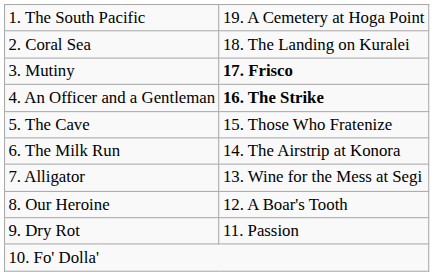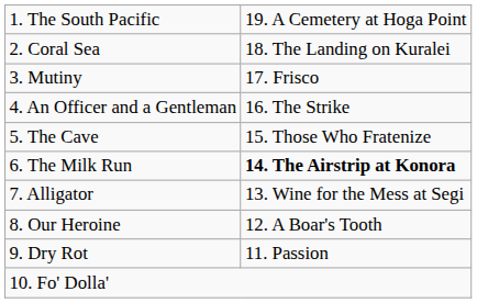 <table class="wikitable">
 <tr>
 <td>1. The South Pacific</td>
 <td>19. A Cemetery at Hoga Point</td>
 </tr>
 <tr>
 <td>2. Coral Sea</td>
 <td>18. The Landing on Kuralei</td>
 </tr>
 <tr>
 <td>3. Mutiny</td>
-<td><strong>17. Frisco</strong></td>
+<td>17. Frisco</td>
 </tr>
 <tr>
 <td>4. An Officer and a Gentleman</td>
-<td><strong>16. The Strike</strong></td>
+<td>16. The Strike</td>
 </tr>
 <tr>
 <td>5. The Cave</td>
 <td>15. Those Who Fratenize</td>
 </tr>
 <tr>
 <td>6. The Milk Run</td>
-<td>14. The Airstrip at Konora</td>
+<td><strong>14. The Airstrip at Konora</strong></td>
 </tr>
 <tr>
 <td>7. Alligator</td>
 <td>13. Wine for the Mess at Segi</td>
 </tr>
 <tr>
 <td>8. Our Heroine</td>
 <td>12. A Boar's Tooth</td>
 </tr>
 <tr>
 <td>9. Dry Rot</td>
 <td>11. Passion</td>
 </tr>
 <tr>
 <td colspan="2">10. Fo' Dolla'</td>
 </tr>
 </table>
